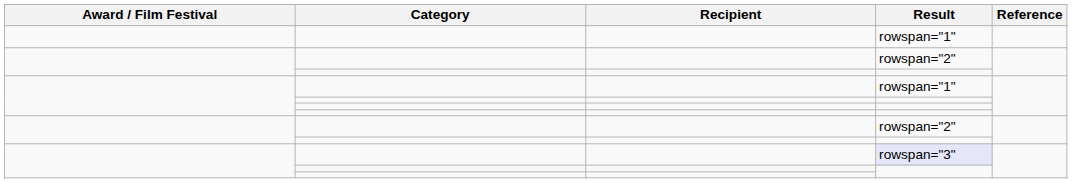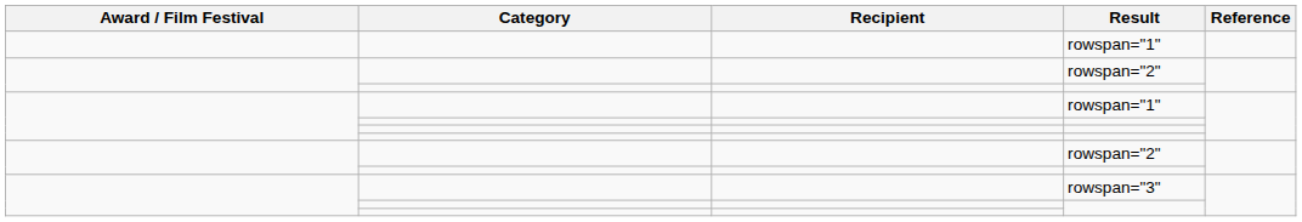 <table class="wikitable" style="width:99%;" >
 <tr>
 <th width="25%" scope="col">Award / Film Festival</th>
 <th width="25%" scope="col">Category</th>
 <th width="25%" scope="col">Recipient</th>
 <th width="10%" scope="col">Result</th>
 <th width="3%" scope="col">Reference</th>
 </tr>
 <tr>
 <td rowspan="1"></td>
 <td></td>
 <td></td>
 <td>rowspan="1" </td>
 <td align="center" rowspan="1"></td>
 </tr>
 <tr>
 <td rowspan="2"></td>
 <td></td>
 <td></td>
 <td>rowspan="2" </td>
 <td align="center" rowspan="2"></td>
 </tr>
 <tr>
 <td></td>
 <td></td>
 </tr>
 <tr>
 <td rowspan="4"></td>
 <td></td>
 <td></td>
 <td>rowspan="1" </td>
 <td align="center" rowspan="4"></td>
 </tr>
 <tr>
 <td></td>
 <td></td>
 <td></td>
 </tr>
 <tr>
 <td></td>
 <td></td>
 <td></td>
 </tr>
 <tr>
 <td></td>
 <td></td>
 <td></td>
 </tr>
 <tr>
 <td rowspan="2"></td>
 <td></td>
 <td></td>
 <td>rowspan="2" </td>
 <td align="center" rowspan="2"></td>
 </tr>
 <tr>
 <td></td>
 <td></td>
 </tr>
 <tr>
 <td rowspan="3"></td>
 <td></td>
 <td></td>
-<td style="background: lavender;">rowspan="3" </td>
+<td>rowspan="3" </td>
 <td align="center" rowspan="3"></td>
 </tr>
 <tr>
 <td></td>
 <td></td>
 </tr>
 <tr>
 <td></td>
 <td></td>
 </tr>
 </table>
